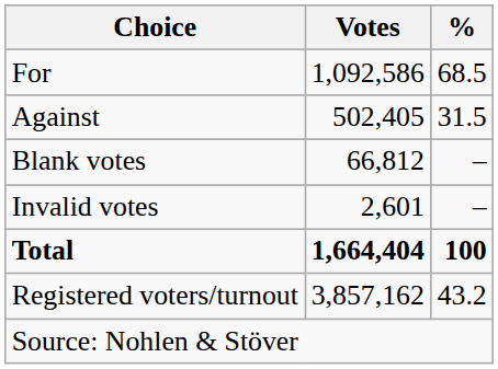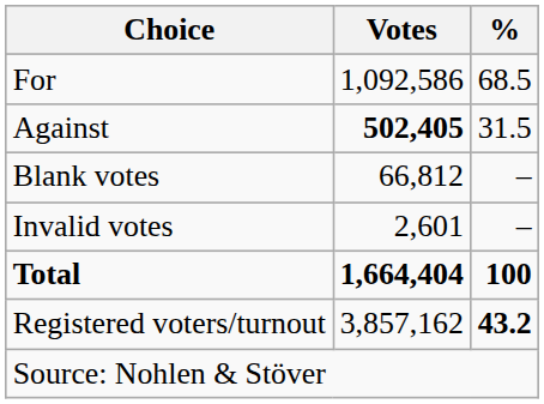 <table class=wikitable style=text-align:right>
 <tr>
 <th>Choice</th>
 <th>Votes</th>
 <th>%</th>
 </tr>
 <tr>
 <td align=left>For</td>
 <td>1,092,586</td>
 <td>68.5</td>
 </tr>
 <tr>
 <td align=left>Against</td>
-<td>502,405</td>
+<td><strong>502,405</strong></td>
 <td>31.5</td>
 </tr>
 <tr>
 <td align=left>Blank votes</td>
 <td>66,812</td>
 <td>–</td>
 </tr>
 <tr>
 <td align=left>Invalid votes</td>
 <td>2,601</td>
 <td>–</td>
 </tr>
 <tr>
 <td align=left><strong>Total</strong></td>
 <td><strong>1,664,404</strong></td>
 <td><strong>100</strong></td>
 </tr>
 <tr>
 <td align=left>Registered voters/turnout</td>
 <td>3,857,162</td>
-<td>43.2</td>
+<td><strong>43.2</strong></td>
 </tr>
 <tr>
 <td align=left colspan=11>Source: Nohlen & Stöver</td>
 </tr>
 </table>
